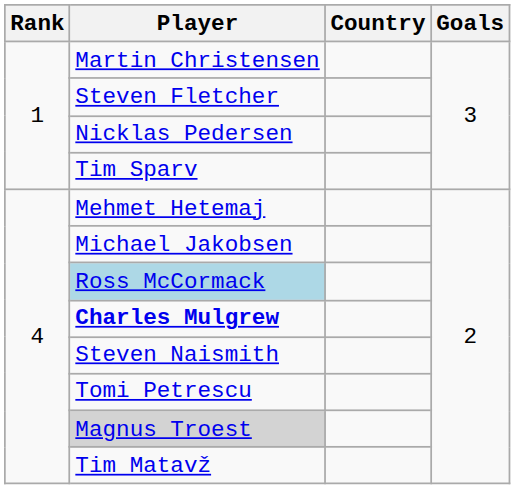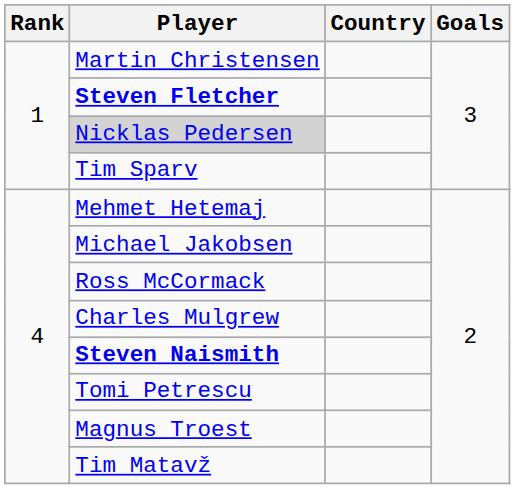 <table class="wikitable" style="text-align: center;">
 <tr>
 <th>Rank</th>
 <th>Player</th>
 <th>Country</th>
 <th>Goals</th>
 </tr>
 <tr>
 <td rowspan="4">1</td>
 <td align="left"><a href='#'>Martin Christensen</a></td>
 <td align="left"></td>
 <td rowspan="4">3</td>
 </tr>
 <tr>
-<td align="left"><a href='#'>Steven Fletcher</a></td>
+<td align="left"><strong><a href='#'>Steven Fletcher</a></strong></td>
 <td align="left"></td>
 </tr>
 <tr>
-<td align="left"><a href='#'>Nicklas Pedersen</a></td>
+<td align="left" style="background: lightgrey;"><a href='#'>Nicklas Pedersen</a></td>
 <td align="left"></td>
 </tr>
 <tr>
 <td align="left"><a href='#'>Tim Sparv</a></td>
 <td align="left"></td>
 </tr>
 <tr>
 <td rowspan="8">4</td>
 <td align="left"><a href='#'>Mehmet Hetemaj</a></td>
 <td align="left"></td>
 <td rowspan="8">2</td>
 </tr>
 <tr>
 <td align="left"><a href='#'>Michael Jakobsen</a></td>
 <td align="left"></td>
 </tr>
 <tr>
-<td align="left" style="background: lightblue;"><a href='#'>Ross McCormack</a></td>
+<td align="left"><a href='#'>Ross McCormack</a></td>
 <td align="left"></td>
 </tr>
 <tr>
-<td align="left"><strong><a href='#'>Charles Mulgrew</a></strong></td>
+<td align="left"><a href='#'>Charles Mulgrew</a></td>
 <td align="left"></td>
 </tr>
 <tr>
-<td align="left"><a href='#'>Steven Naismith</a></td>
+<td align="left"><strong><a href='#'>Steven Naismith</a></strong></td>
 <td align="left"></td>
 </tr>
 <tr>
 <td align="left"><a href='#'>Tomi Petrescu</a></td>
 <td align="left"></td>
 </tr>
 <tr>
-<td align="left" style="background: lightgrey;"><a href='#'>Magnus Troest</a></td>
+<td align="left"><a href='#'>Magnus Troest</a></td>
 <td align="left"></td>
 </tr>
 <tr>
 <td align="left"><a href='#'>Tim Matavž</a></td>
 <td align="left"></td>
 </tr>
 </table>
